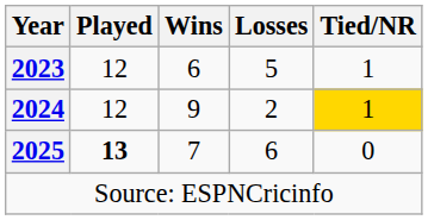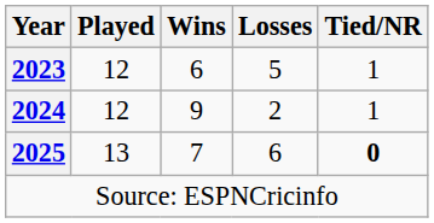 <table class="wikitable" style="text-align:center;">
 <tr>
 <th>Year</th>
 <th>Played</th>
 <th>Wins</th>
 <th>Losses</th>
 <th>Tied/NR</th>
 </tr>
 <tr>
 <th><a href='#'>2023</a></th>
 <td>12</td>
 <td>6</td>
 <td>5</td>
 <td>1</td>
 </tr>
 <tr>
 <th><a href='#'>2024</a></th>
 <td>12</td>
 <td>9</td>
 <td>2</td>
-<td style="background: gold;">1</td>
+<td>1</td>
 </tr>
 <tr>
 <th><a href='#'>2025</a></th>
-<td><strong>13</strong></td>
+<td>13</td>
 <td>7</td>
 <td>6</td>
-<td>0</td>
+<td><strong>0</strong></td>
 </tr>
 <tr>
 <td colspan="5">Source: ESPNCricinfo</td>
 </tr>
 </table>
